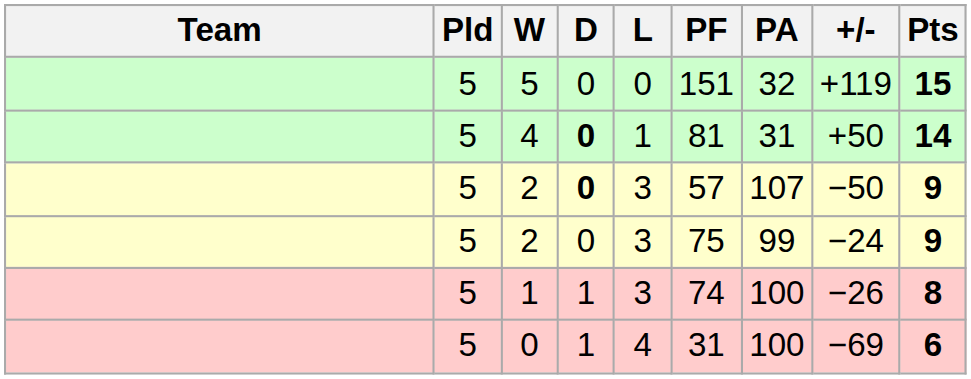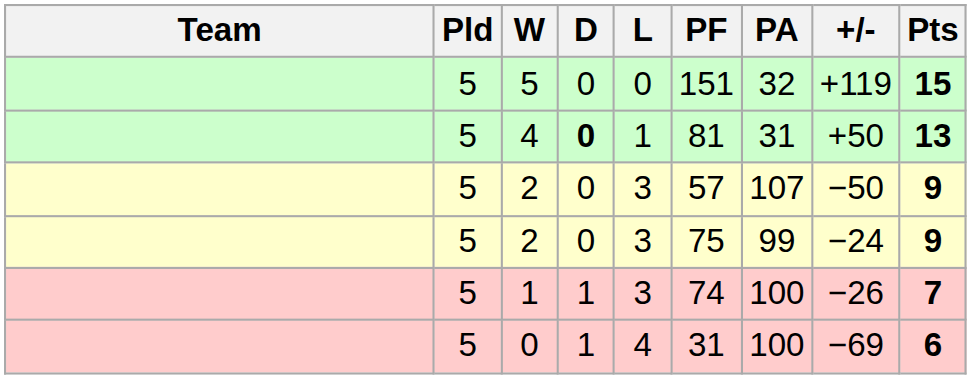 <table class="wikitable" border="1" style="text-align: center;">
 <tr>
 <th width="200">Team</th>
 <th width="20">Pld</th>
 <th width="20">W</th>
 <th width="20">D</th>
 <th width="20">L</th>
 <th width="20">PF</th>
 <th width="20">PA</th>
 <th width="25">+/-</th>
 <th width="20">Pts</th>
 </tr>
 <tr style="background:#cfc;">
 <td align=left></td>
 <td>5</td>
 <td>5</td>
 <td>0</td>
 <td>0</td>
 <td>151</td>
 <td>32</td>
 <td>+119</td>
 <td><strong>15</strong></td>
 </tr>
 <tr style="background:#cfc;">
 <td align=left></td>
 <td>5</td>
 <td>4</td>
 <td><strong>0</strong></td>
 <td>1</td>
 <td>81</td>
 <td>31</td>
 <td>+50</td>
-<td><strong>14</strong></td>
+<td><strong>13</strong></td>
 </tr>
 <tr style="background:#ffc;">
 <td align=left></td>
 <td>5</td>
 <td>2</td>
-<td><strong>0</strong></td>
+<td>0</td>
 <td>3</td>
 <td>57</td>
 <td>107</td>
 <td>−50</td>
 <td><strong>9</strong></td>
 </tr>
 <tr style="background:#ffc;">
 <td align=left></td>
 <td>5</td>
 <td>2</td>
 <td>0</td>
 <td>3</td>
 <td>75</td>
 <td>99</td>
 <td>−24</td>
 <td><strong>9</strong></td>
 </tr>
 <tr bgcolor="#ffcccc">
 <td align=left></td>
 <td>5</td>
 <td>1</td>
 <td>1</td>
 <td>3</td>
 <td>74</td>
 <td>100</td>
 <td>−26</td>
-<td><strong>8</strong></td>
+<td><strong>7</strong></td>
 </tr>
 <tr bgcolor="#ffcccc">
 <td align=left></td>
 <td>5</td>
 <td>0</td>
 <td>1</td>
 <td>4</td>
 <td>31</td>
 <td>100</td>
 <td>−69</td>
 <td><strong>6</strong></td>
 </tr>
 </table>
